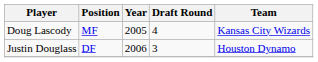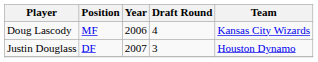 <table class="wikitable">
 <tr>
 <th>Player</th>
 <th>Position</th>
 <th>Year</th>
 <th>Draft Round</th>
 <th>Team</th>
 </tr>
 <tr>
 <td>Doug Lascody</td>
 <td><a href='#'>MF</a></td>
-<td>2005</td>
+<td>2006</td>
 <td>4</td>
 <td><a href='#'>Kansas City Wizards</a></td>
 </tr>
 <tr>
 <td>Justin Douglass</td>
 <td><a href='#'>DF</a></td>
-<td>2006</td>
+<td>2007</td>
 <td>3</td>
 <td><a href='#'>Houston Dynamo</a></td>
 </tr>
 <tr>
 </tr>
 </table>
